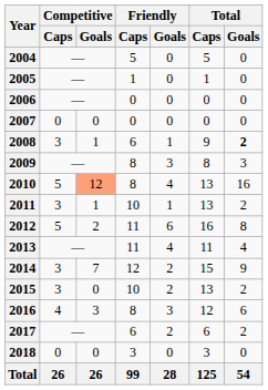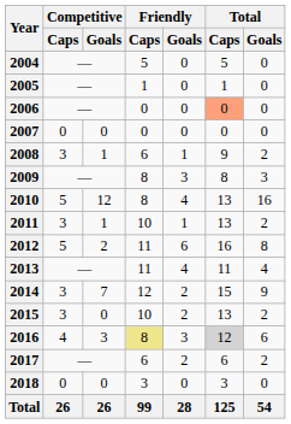 <table class="wikitable" style="text-align:center">
 <tr>
 <th rowspan="2" scope="col">Year</th>
 <th colspan="2" scope="colgroup">Competitive</th>
 <th colspan="2" scope="colgroup">Friendly</th>
 <th colspan="2" scope="colgroup">Total</th>
 </tr>
 <tr>
 <th scope="col">Caps</th>
 <th scope="col">Goals</th>
 <th scope="col">Caps</th>
 <th scope="col">Goals</th>
 <th scope="col">Caps</th>
 <th scope="col">Goals</th>
 </tr>
 <tr>
 <th scope="row">2004</th>
 <td colspan="2">—</td>
 <td>5</td>
 <td>0</td>
 <td>5</td>
 <td>0</td>
 </tr>
 <tr>
 <th scope="row">2005</th>
 <td colspan="2">—</td>
 <td>1</td>
 <td>0</td>
 <td>1</td>
 <td>0</td>
 </tr>
 <tr>
 <th scope="row">2006</th>
 <td colspan="2">—</td>
 <td>0</td>
 <td>0</td>
-<td>0</td>
+<td style="background: lightsalmon;">0</td>
 <td>0</td>
 </tr>
 <tr>
 <th scope="row">2007</th>
 <td>0</td>
 <td>0</td>
 <td>0</td>
 <td>0</td>
 <td>0</td>
 <td>0</td>
 </tr>
 <tr>
 <th scope="row">2008</th>
 <td>3</td>
 <td>1</td>
 <td>6</td>
 <td>1</td>
 <td>9</td>
-<td><strong>2</strong></td>
+<td>2</td>
 </tr>
 <tr>
 <th scope="row">2009</th>
 <td colspan="2">—</td>
 <td>8</td>
 <td>3</td>
 <td>8</td>
 <td>3</td>
 </tr>
 <tr>
 <th scope="row">2010</th>
 <td>5</td>
-<td style="background: lightsalmon;">12</td>
+<td>12</td>
 <td>8</td>
 <td>4</td>
 <td>13</td>
 <td>16</td>
 </tr>
 <tr>
 <th scope="row">2011</th>
 <td>3</td>
 <td>1</td>
 <td>10</td>
 <td>1</td>
 <td>13</td>
 <td>2</td>
 </tr>
 <tr>
 <th scope="row">2012</th>
 <td>5</td>
 <td>2</td>
 <td>11</td>
 <td>6</td>
 <td>16</td>
 <td>8</td>
 </tr>
 <tr>
 <th scope="row">2013</th>
 <td colspan="2">—</td>
 <td>11</td>
 <td>4</td>
 <td>11</td>
 <td>4</td>
 </tr>
 <tr>
 <th scope="row">2014</th>
 <td>3</td>
 <td>7</td>
 <td>12</td>
 <td>2</td>
 <td>15</td>
 <td>9</td>
 </tr>
 <tr>
 <th scope="row">2015</th>
 <td>3</td>
 <td>0</td>
 <td>10</td>
 <td>2</td>
 <td>13</td>
 <td>2</td>
 </tr>
 <tr>
 <th scope="row">2016</th>
 <td>4</td>
 <td>3</td>
-<td>8</td>
+<td style="background: khaki;">8</td>
 <td>3</td>
-<td>12</td>
+<td style="background: lightgrey;">12</td>
 <td>6</td>
 </tr>
 <tr>
 <th scope="row">2017</th>
 <td colspan="2">—</td>
 <td>6</td>
 <td>2</td>
 <td>6</td>
 <td>2</td>
 </tr>
 <tr>
 <th>2018</th>
 <td>0</td>
 <td>0</td>
 <td>3</td>
 <td>0</td>
 <td>3</td>
 <td>0</td>
 </tr>
 <tr>
 <th>Total</th>
 <th>26</th>
 <th>26</th>
 <th>99</th>
 <th>28</th>
 <th>125</th>
 <th>54</th>
 </tr>
 </table>
